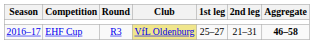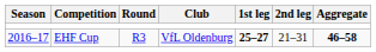 <table class="wikitable">
 <tr>
 <th>Season</th>
 <th>Competition</th>
 <th>Round</th>
 <th>Club</th>
 <th>1st leg</th>
 <th>2nd leg</th>
 <th>Aggregate</th>
 </tr>
 <tr>
 <td colspan="7" bgcolor=white></td>
 </tr>
 <tr>
 <td><a href='#'>2016–17</a></td>
 <td><a href='#'>EHF Cup</a></td>
 <td style="text-align:center;"><a href='#'>R3</a></td>
-<td style="background: khaki;"> <a href='#'>VfL Oldenburg</a></td>
-<td style="text-align:center;">25–27</td>
+<td> <a href='#'>VfL Oldenburg</a></td>
+<td style="text-align:center;"><strong>25–27</strong></td>
 <td style="text-align:center;">21–31</td>
 <td style="text-align:center;"><strong>46–58</strong></td>
 </tr>
 </table>
